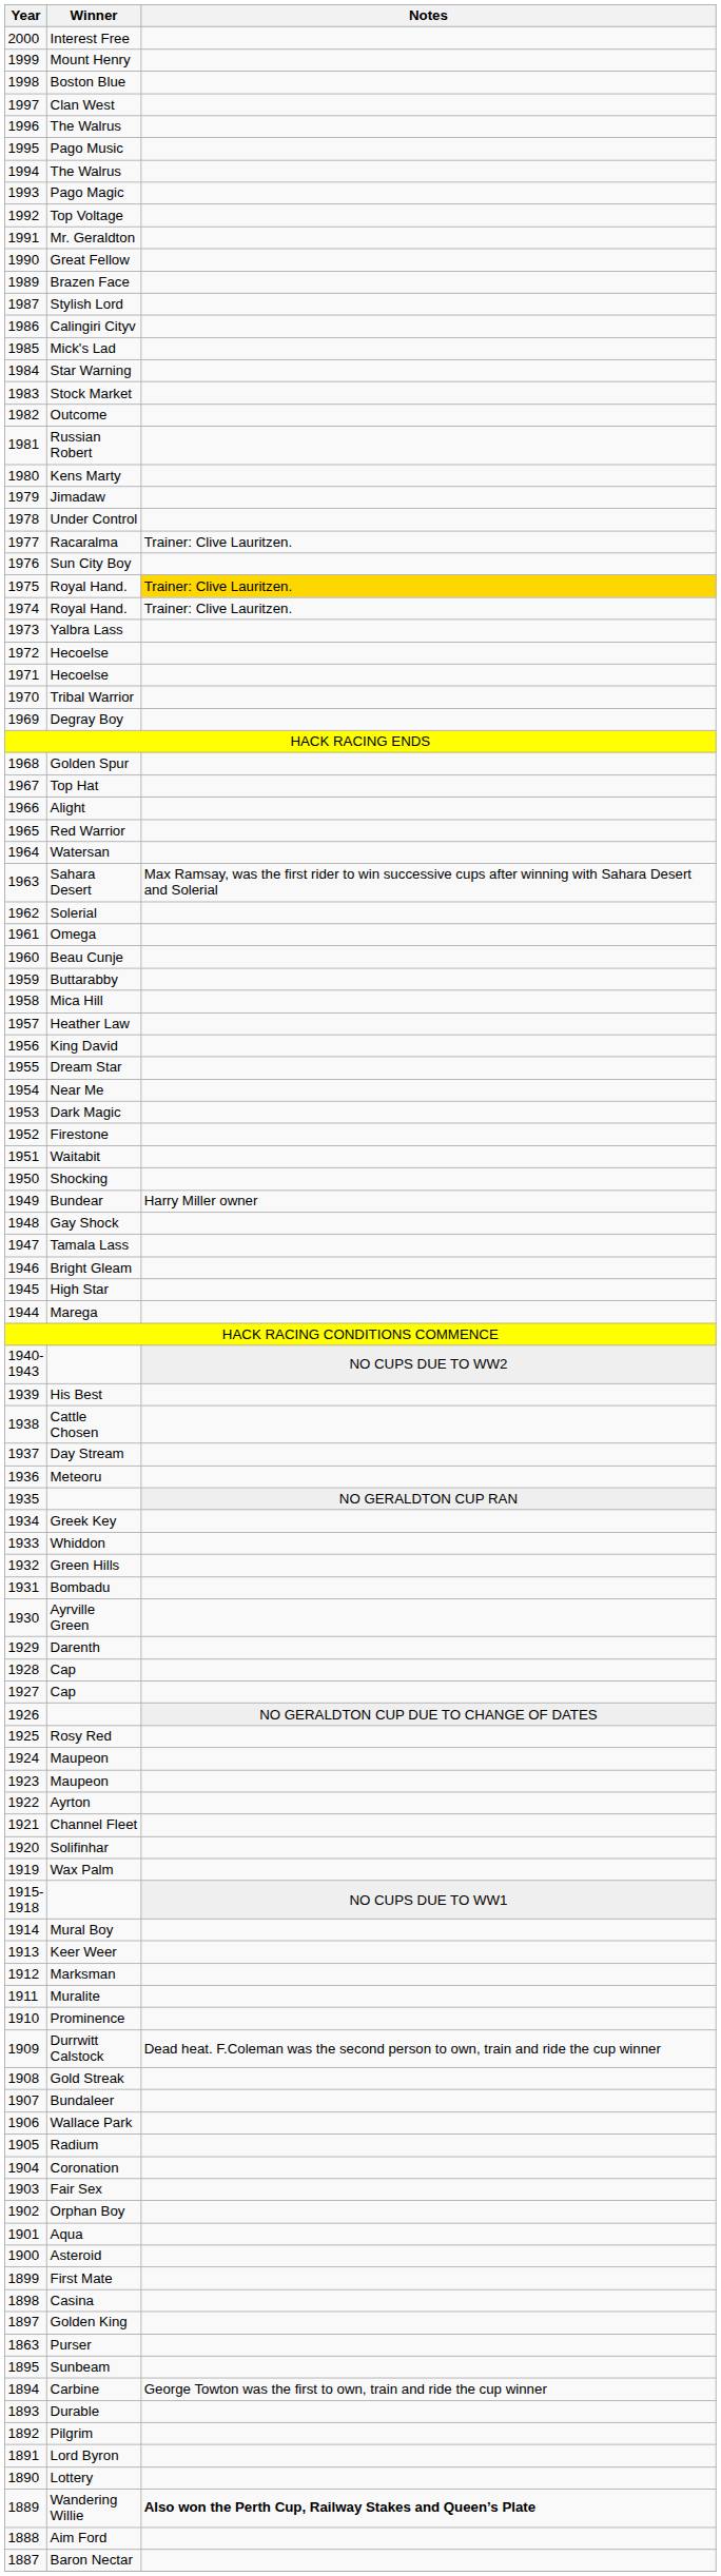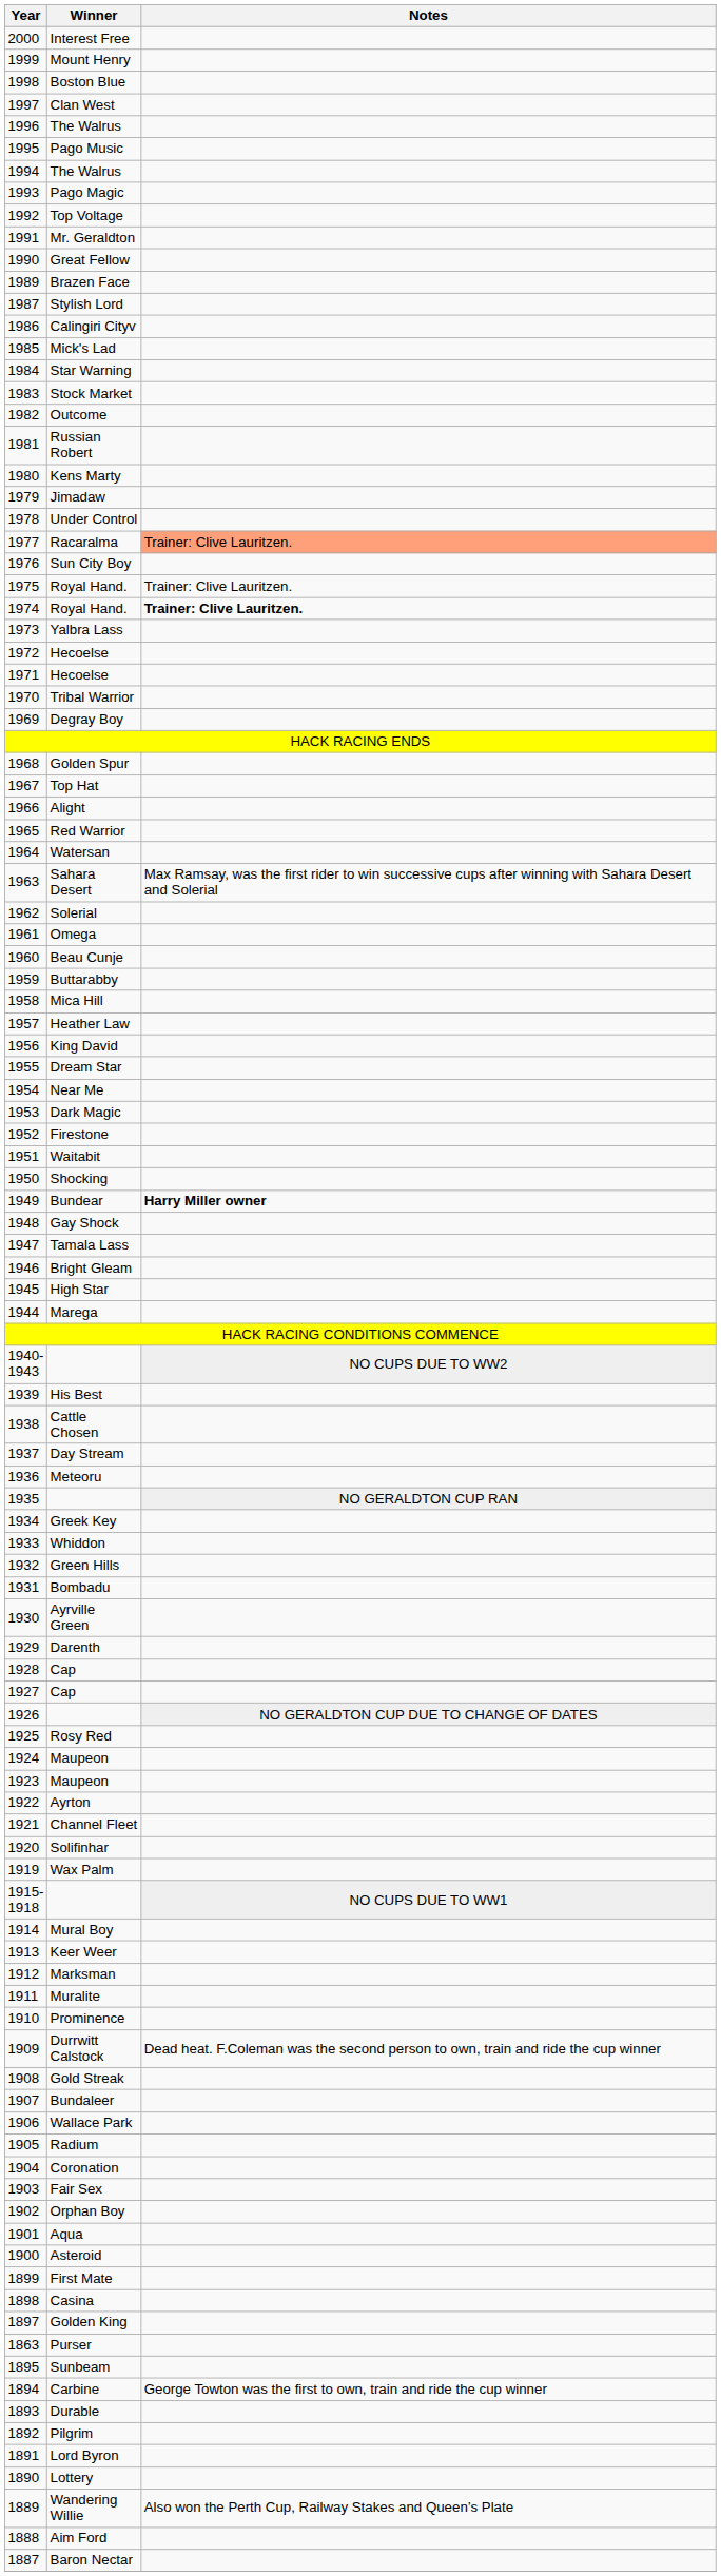 <table class = "wikitable sortable" | border="1" cellpadding="0" style="border-collapse:collapse; font-size:100%">
 <tr bgcolor="LightSteelBlue" align="center">
 <th width="40px"><strong>Year</strong><br></th>
 <th width="100px"><strong>Winner</strong> <br></th>
 <th width="650px"><strong>Notes</strong> <br></th>
 </tr>
 <tr>
 <td>2000</td>
 <td>Interest Free</td>
 <td></td>
 </tr>
 <tr>
 <td>1999</td>
 <td>Mount Henry</td>
 <td></td>
 </tr>
 <tr>
 <td>1998</td>
 <td>Boston Blue</td>
 <td></td>
 </tr>
 <tr>
 <td>1997</td>
 <td>Clan West</td>
 <td></td>
 </tr>
 <tr>
 <td>1996</td>
 <td>The Walrus</td>
 <td></td>
 </tr>
 <tr>
 <td>1995</td>
 <td>Pago Music</td>
 <td></td>
 </tr>
 <tr>
 <td>1994</td>
 <td>The Walrus</td>
 <td></td>
 </tr>
 <tr>
 <td>1993</td>
 <td>Pago Magic</td>
 <td></td>
 </tr>
 <tr>
 <td>1992</td>
 <td>Top Voltage</td>
 <td></td>
 </tr>
 <tr>
 <td>1991</td>
 <td>Mr. Geraldton</td>
 <td></td>
 </tr>
 <tr>
 <td>1990</td>
 <td>Great Fellow</td>
 <td></td>
 </tr>
 <tr>
 <td>1989</td>
 <td>Brazen Face</td>
 <td></td>
 </tr>
 <tr>
 <td>1987</td>
 <td>Stylish Lord</td>
 <td></td>
 </tr>
 <tr>
 <td>1986</td>
 <td>Calingiri Cityv</td>
 </tr>
 <tr>
 <td>1985</td>
 <td>Mick's Lad</td>
 <td></td>
 </tr>
 <tr>
 <td>1984</td>
 <td>Star Warning</td>
 <td></td>
 </tr>
 <tr>
 <td>1983</td>
 <td>Stock Market</td>
 <td></td>
 </tr>
 <tr>
 <td>1982</td>
 <td>Outcome</td>
 <td></td>
 </tr>
 <tr>
 <td>1981</td>
 <td>Russian Robert</td>
 <td></td>
 </tr>
 <tr>
 <td>1980</td>
 <td>Kens Marty</td>
 <td></td>
 </tr>
 <tr>
 <td>1979</td>
 <td>Jimadaw</td>
 <td></td>
 </tr>
 <tr>
 <td>1978</td>
 <td>Under Control</td>
 <td></td>
 </tr>
 <tr>
 <td>1977</td>
 <td>Racaralma</td>
-<td>Trainer: Clive Lauritzen.</td>
+<td style="background: lightsalmon;">Trainer: Clive Lauritzen.</td>
 </tr>
 <tr>
 <td>1976</td>
 <td>Sun City Boy</td>
 <td></td>
 </tr>
 <tr>
 <td>1975</td>
 <td>Royal Hand.</td>
-<td style="background: gold;">Trainer: Clive Lauritzen.</td>
+<td>Trainer: Clive Lauritzen.</td>
 </tr>
 <tr>
 <td>1974</td>
 <td>Royal Hand.</td>
-<td>Trainer: Clive Lauritzen.</td>
+<td><strong>Trainer: Clive Lauritzen.</strong></td>
 </tr>
 <tr>
 <td>1973</td>
 <td>Yalbra Lass</td>
 <td></td>
 </tr>
 <tr>
 <td>1972</td>
 <td>Hecoelse</td>
 <td></td>
 </tr>
 <tr>
 <td>1971</td>
 <td>Hecoelse</td>
 <td></td>
 </tr>
 <tr>
 <td>1970</td>
 <td>Tribal Warrior</td>
 <td></td>
 </tr>
 <tr>
 <td>1969</td>
 <td>Degray Boy</td>
 <td></td>
 </tr>
 <tr>
 <td colspan="4" style="text-align: center; background: yellow">HACK RACING ENDS</td>
 </tr>
 <tr>
 <td>1968</td>
 <td>Golden Spur</td>
 <td></td>
 </tr>
 <tr>
 <td>1967</td>
 <td>Top Hat</td>
 <td></td>
 </tr>
 <tr>
 <td>1966</td>
 <td>Alight</td>
 <td></td>
 </tr>
 <tr>
 <td>1965</td>
 <td>Red Warrior</td>
 <td></td>
 </tr>
 <tr>
 <td>1964</td>
 <td>Watersan</td>
 <td></td>
 </tr>
 <tr>
 <td>1963</td>
 <td>Sahara Desert</td>
 <td>Max Ramsay, was the first rider to win successive cups after winning with Sahara Desert and Solerial</td>
 </tr>
 <tr>
 <td>1962</td>
 <td>Solerial</td>
 <td></td>
 </tr>
 <tr>
 <td>1961</td>
 <td>Omega</td>
 <td></td>
 </tr>
 <tr>
 <td>1960</td>
 <td>Beau Cunje</td>
 <td></td>
 </tr>
 <tr>
 <td>1959</td>
 <td>Buttarabby</td>
 <td></td>
 </tr>
 <tr>
 <td>1958</td>
 <td>Mica Hill</td>
 <td></td>
 </tr>
 <tr>
 <td>1957</td>
 <td>Heather Law</td>
 <td></td>
 </tr>
 <tr>
 <td>1956</td>
 <td>King David</td>
 <td></td>
 </tr>
 <tr>
 <td>1955</td>
 <td>Dream Star</td>
 <td></td>
 </tr>
 <tr>
 <td>1954</td>
 <td>Near Me</td>
 <td></td>
 </tr>
 <tr>
 <td>1953</td>
 <td>Dark Magic</td>
 <td></td>
 </tr>
 <tr>
 <td>1952</td>
 <td>Firestone</td>
 <td></td>
 </tr>
 <tr>
 <td>1951</td>
 <td>Waitabit</td>
 <td></td>
 </tr>
 <tr>
 <td>1950</td>
 <td>Shocking</td>
 <td></td>
 </tr>
 <tr>
 <td>1949</td>
 <td>Bundear</td>
-<td>Harry Miller owner</td>
+<td><strong>Harry Miller owner</strong></td>
 </tr>
 <tr>
 <td>1948</td>
 <td>Gay Shock</td>
 <td></td>
 </tr>
 <tr>
 <td>1947</td>
 <td>Tamala Lass</td>
 <td></td>
 </tr>
 <tr>
 <td>1946</td>
 <td>Bright Gleam</td>
 <td></td>
 </tr>
 <tr>
 <td>1945</td>
 <td>High Star</td>
 <td></td>
 </tr>
 <tr>
 <td>1944</td>
 <td>Marega</td>
 <td></td>
 </tr>
 <tr>
 <td colspan="4" style="text-align: center; background: yellow">HACK RACING CONDITIONS COMMENCE</td>
 </tr>
 <tr>
 <td>1940-1943</td>
 <td></td>
 <td colspan="2" style="text-align: center; background: #efefef;">NO CUPS DUE TO WW2</td>
 </tr>
 <tr>
 <td>1939</td>
 <td>His Best</td>
 <td></td>
 </tr>
 <tr>
 <td>1938</td>
 <td>Cattle Chosen</td>
 <td></td>
 </tr>
 <tr>
 <td>1937</td>
 <td>Day Stream</td>
 <td></td>
 </tr>
 <tr>
 <td>1936</td>
 <td>Meteoru</td>
 <td></td>
 </tr>
 <tr>
 <td>1935</td>
 <td></td>
 <td colspan="2" style="text-align: center; background: #efefef;">NO GERALDTON CUP RAN</td>
 </tr>
 <tr>
 <td>1934</td>
 <td>Greek Key</td>
 <td></td>
 </tr>
 <tr>
 <td>1933</td>
 <td>Whiddon</td>
 <td></td>
 </tr>
 <tr>
 <td>1932</td>
 <td>Green Hills</td>
 <td></td>
 </tr>
 <tr>
 <td>1931</td>
 <td>Bombadu</td>
 <td></td>
 </tr>
 <tr>
 <td>1930</td>
 <td>Ayrville Green</td>
 <td></td>
 </tr>
 <tr>
 <td>1929</td>
 <td>Darenth</td>
 <td></td>
 </tr>
 <tr>
 <td>1928</td>
 <td>Cap</td>
 <td></td>
 </tr>
 <tr>
 <td>1927</td>
 <td>Cap</td>
 <td></td>
 </tr>
 <tr>
 <td>1926</td>
 <td></td>
 <td colspan="2" style="text-align: center; background: #efefef;">NO GERALDTON CUP DUE TO CHANGE OF DATES</td>
 </tr>
 <tr>
 <td>1925</td>
 <td>Rosy Red</td>
 <td></td>
 </tr>
 <tr>
 <td>1924</td>
 <td>Maupeon</td>
 <td></td>
 </tr>
 <tr>
 <td>1923</td>
 <td>Maupeon</td>
 <td></td>
 </tr>
 <tr>
 <td>1922</td>
 <td>Ayrton</td>
 <td></td>
 </tr>
 <tr>
 <td>1921</td>
 <td>Channel Fleet</td>
 <td></td>
 </tr>
 <tr>
 <td>1920</td>
 <td>Solifinhar</td>
 <td></td>
 </tr>
 <tr>
 <td>1919</td>
 <td>Wax Palm</td>
 <td></td>
 </tr>
 <tr>
 <td>1915-1918</td>
 <td></td>
 <td colspan="2" style="text-align: center; background: #efefef">NO CUPS DUE TO WW1</td>
 </tr>
 <tr>
 <td>1914</td>
 <td>Mural Boy</td>
 <td></td>
 </tr>
 <tr>
 <td>1913</td>
 <td>Keer Weer</td>
 <td></td>
 </tr>
 <tr>
 <td>1912</td>
 <td>Marksman</td>
 <td></td>
 </tr>
 <tr>
 <td>1911</td>
 <td>Muralite</td>
 <td></td>
 </tr>
 <tr>
 <td>1910</td>
 <td>Prominence</td>
 <td></td>
 </tr>
 <tr>
 <td>1909</td>
 <td>Durrwitt <br>Calstock</td>
 <td>Dead heat. F.Coleman was the second person to own, train and ride the cup winner</td>
 </tr>
 <tr>
 <td>1908</td>
 <td>Gold Streak</td>
 <td></td>
 </tr>
 <tr>
 <td>1907</td>
 <td>Bundaleer</td>
 <td></td>
 </tr>
 <tr>
 <td>1906</td>
 <td>Wallace Park</td>
 <td></td>
 </tr>
 <tr>
 <td>1905</td>
 <td>Radium</td>
 <td></td>
 </tr>
 <tr>
 <td>1904</td>
 <td>Coronation</td>
 <td></td>
 </tr>
 <tr>
 <td>1903</td>
 <td>Fair Sex</td>
 <td></td>
 </tr>
 <tr>
 <td>1902</td>
 <td>Orphan Boy</td>
 <td></td>
 </tr>
 <tr>
 <td>1901</td>
 <td>Aqua</td>
 <td></td>
 </tr>
 <tr>
 <td>1900</td>
 <td>Asteroid</td>
 <td></td>
 </tr>
 <tr>
 <td>1899</td>
 <td>First Mate</td>
 <td></td>
 </tr>
 <tr>
 <td>1898</td>
 <td>Casina</td>
 <td></td>
 </tr>
 <tr>
 <td>1897</td>
 <td>Golden King</td>
 <td></td>
 </tr>
 <tr>
 <td>1863</td>
 <td>Purser</td>
 <td></td>
 </tr>
 <tr>
 <td>1895</td>
 <td>Sunbeam</td>
 <td></td>
 </tr>
 <tr>
 <td>1894</td>
 <td>Carbine</td>
 <td>George Towton was the first to own, train and ride the cup winner</td>
 </tr>
 <tr>
 <td>1893</td>
 <td>Durable</td>
 <td></td>
 </tr>
 <tr>
 <td>1892</td>
 <td>Pilgrim</td>
 <td></td>
 </tr>
 <tr>
 <td>1891</td>
 <td>Lord Byron</td>
 <td></td>
 </tr>
 <tr>
 <td>1890</td>
 <td>Lottery</td>
 <td></td>
 </tr>
 <tr>
 <td>1889</td>
 <td>Wandering Willie</td>
-<td><strong>Also won the Perth Cup, Railway Stakes and Queen’s Plate</strong></td>
+<td>Also won the Perth Cup, Railway Stakes and Queen’s Plate</td>
 </tr>
 <tr>
 <td>1888</td>
 <td>Aim Ford</td>
 <td></td>
 </tr>
 <tr>
 <td>1887</td>
 <td>Baron Nectar</td>
 <td></td>
 </tr>
 <tr>
 </tr>
 </table>
